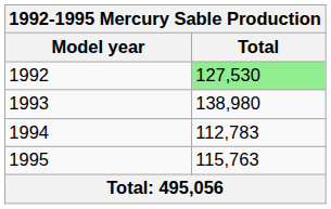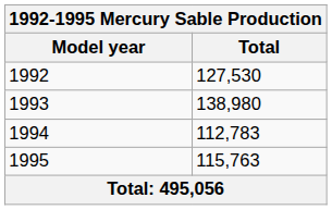 <table class="wikitable">
 <tr>
 <th colspan="2">1992-1995 Mercury Sable Production</th>
 </tr>
 <tr>
 <th>Model year</th>
 <th>Total</th>
 </tr>
 <tr>
 <td>1992</td>
-<td style="background: lightgreen;">127,530</td>
+<td>127,530</td>
 </tr>
 <tr>
 <td>1993</td>
 <td>138,980</td>
 </tr>
 <tr>
 <td>1994</td>
 <td>112,783</td>
 </tr>
 <tr>
 <td>1995</td>
 <td>115,763</td>
 </tr>
 <tr>
 <th colspan="2">Total: 495,056</th>
 </tr>
 </table>
